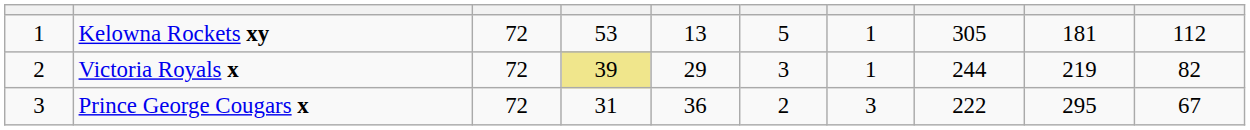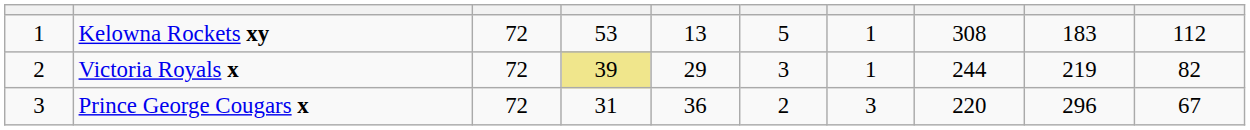 <table class="wikitable sortable">
 <tr>
 <th style="width:3em"></th>
 <th style="width:20em;" class="unsortable"></th>
 <th style="width:4em;" class="unsortable"></th>
 <th style="width:4em;"></th>
 <th style="width:4em;"></th>
 <th style="width:4em;"></th>
 <th style="width:4em;"></th>
 <th style="width:5em;"></th>
 <th style="width:5em;"></th>
 <th style="width:5em;"></th>
 </tr>
 <tr style="font-weight: ; text-align: center;">
 <td>1</td>
 <td style="text-align:left;"><a href='#'>Kelowna Rockets</a> <strong>xy</strong></td>
 <td>72</td>
 <td>53</td>
 <td>13</td>
 <td>5</td>
 <td>1</td>
-<td>305</td>
-<td>181</td>
+<td>308</td>
+<td>183</td>
 <td>112</td>
 </tr>
 <tr style="font-weight: ; text-align: center;">
 <td>2</td>
 <td style="text-align:left;"><a href='#'>Victoria Royals</a> <strong>x</strong></td>
 <td>72</td>
 <td style="background: khaki;">39</td>
 <td>29</td>
 <td>3</td>
 <td>1</td>
 <td>244</td>
 <td>219</td>
 <td>82</td>
 </tr>
 <tr style="font-weight: ; text-align: center;">
 <td>3</td>
 <td style="text-align:left;"><a href='#'>Prince George Cougars</a> <strong>x</strong></td>
 <td>72</td>
 <td>31</td>
 <td>36</td>
 <td>2</td>
 <td>3</td>
-<td>222</td>
-<td>295</td>
+<td>220</td>
+<td>296</td>
 <td>67</td>
 </tr>
 </table>
